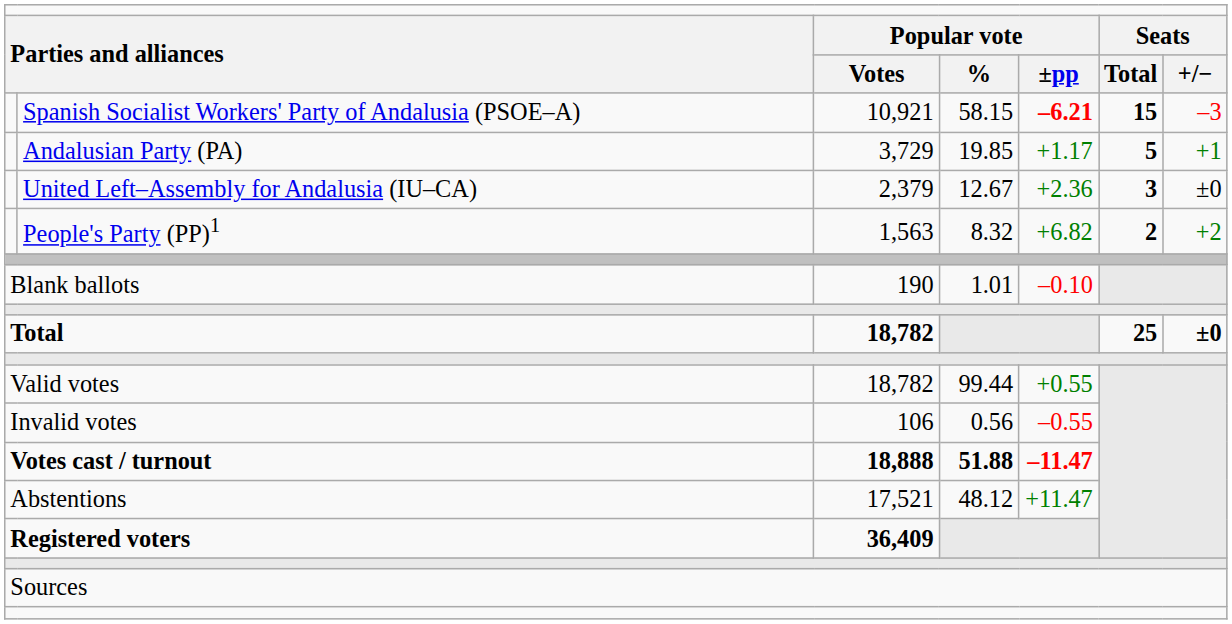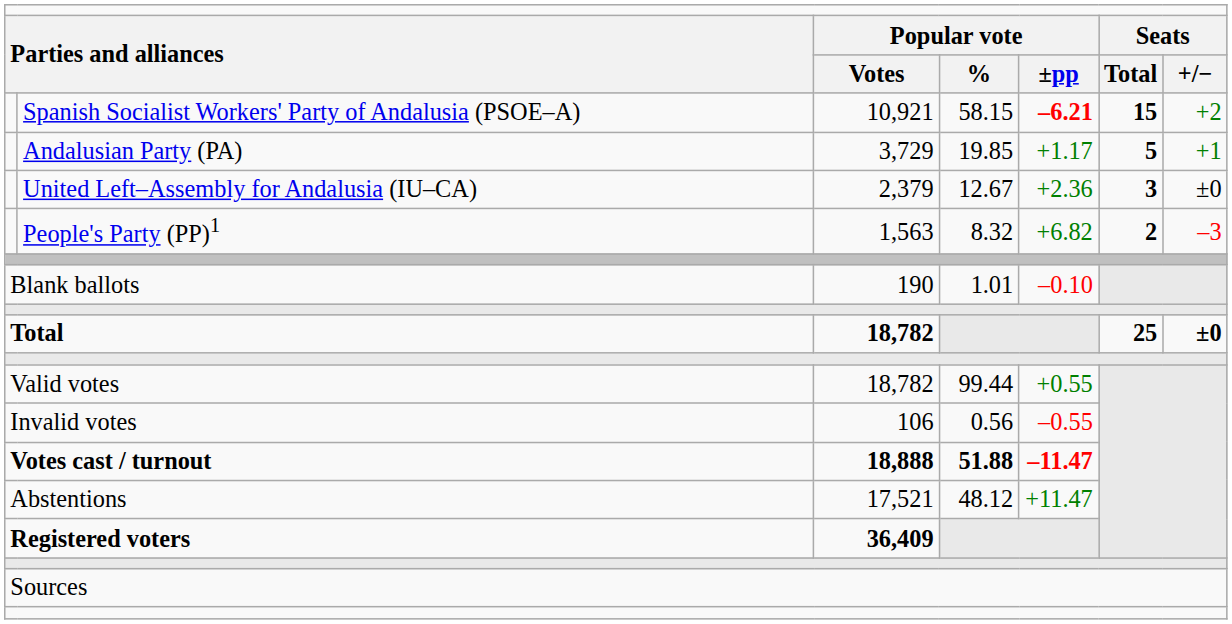 <table class="wikitable" style="text-align:right;">
 <tr>
 <td colspan="7"></td>
 </tr>
 <tr>
 <th style="text-align:left;" rowspan="2" colspan="2" width="525">Parties and alliances</th>
 <th colspan="3">Popular vote</th>
 <th colspan="2">Seats</th>
 </tr>
 <tr>
 <th width="75">Votes</th>
 <th width="45">%</th>
 <th width="45">±<a href='#'>pp</a></th>
 <th width="35">Total</th>
 <th width="35">+/−</th>
 </tr>
 <tr>
 <td width="1" style="color:inherit;background:"></td>
 <td align="left"><a href='#'>Spanish Socialist Workers' Party of Andalusia</a> (PSOE–A)</td>
 <td>10,921</td>
 <td>58.15</td>
 <td style="color:red;"><strong>–6.21</strong></td>
 <td><strong>15</strong></td>
-<td style="color:red;">–3</td>
+<td style="color:green;">+2</td>
 </tr>
 <tr>
 <td style="color:inherit;background:"></td>
 <td align="left"><a href='#'>Andalusian Party</a> (PA)</td>
 <td>3,729</td>
 <td>19.85</td>
 <td style="color:green;">+1.17</td>
 <td><strong>5</strong></td>
 <td style="color:green;">+1</td>
 </tr>
 <tr>
 <td style="color:inherit;background:"></td>
 <td align="left"><a href='#'>United Left–Assembly for Andalusia</a> (IU–CA)</td>
 <td>2,379</td>
 <td>12.67</td>
 <td style="color:green;">+2.36</td>
 <td><strong>3</strong></td>
 <td>±0</td>
 </tr>
 <tr>
 <td style="color:inherit;background:"></td>
 <td align="left"><a href='#'>People's Party</a> (PP)<sup>1</sup></td>
 <td>1,563</td>
 <td>8.32</td>
 <td style="color:green;">+6.82</td>
 <td><strong>2</strong></td>
-<td style="color:green;">+2</td>
+<td style="color:red;">–3</td>
 </tr>
 <tr>
 <td colspan="7" bgcolor="#C0C0C0"></td>
 </tr>
 <tr>
 <td align="left" colspan="2">Blank ballots</td>
 <td>190</td>
 <td>1.01</td>
 <td style="color:red;">–0.10</td>
 <td bgcolor="#E9E9E9" colspan="2"></td>
 </tr>
 <tr>
 <td colspan="7" bgcolor="#E9E9E9"></td>
 </tr>
 <tr style="font-weight:bold;">
 <td align="left" colspan="2">Total</td>
 <td>18,782</td>
 <td bgcolor="#E9E9E9" colspan="2"></td>
 <td>25</td>
 <td>±0</td>
 </tr>
 <tr>
 <td colspan="7" bgcolor="#E9E9E9"></td>
 </tr>
 <tr>
 <td align="left" colspan="2">Valid votes</td>
 <td>18,782</td>
 <td>99.44</td>
 <td style="color:green;">+0.55</td>
 <td bgcolor="#E9E9E9" colspan="2" rowspan="5"></td>
 </tr>
 <tr>
 <td align="left" colspan="2">Invalid votes</td>
 <td>106</td>
 <td>0.56</td>
 <td style="color:red;">–0.55</td>
 </tr>
 <tr style="font-weight:bold;">
 <td align="left" colspan="2">Votes cast / turnout</td>
 <td>18,888</td>
 <td>51.88</td>
 <td style="color:red;">–11.47</td>
 </tr>
 <tr>
 <td align="left" colspan="2">Abstentions</td>
 <td>17,521</td>
 <td>48.12</td>
 <td style="color:green;">+11.47</td>
 </tr>
 <tr style="font-weight:bold;">
 <td align="left" colspan="2">Registered voters</td>
 <td>36,409</td>
 <td bgcolor="#E9E9E9" colspan="2"></td>
 </tr>
 <tr>
 <td colspan="7" bgcolor="#E9E9E9"></td>
 </tr>
 <tr>
 <td align="left" colspan="7">Sources</td>
 </tr>
 <tr>
 <td colspan="7" style="text-align:left; max-width:790px;"></td>
 </tr>
 </table>
